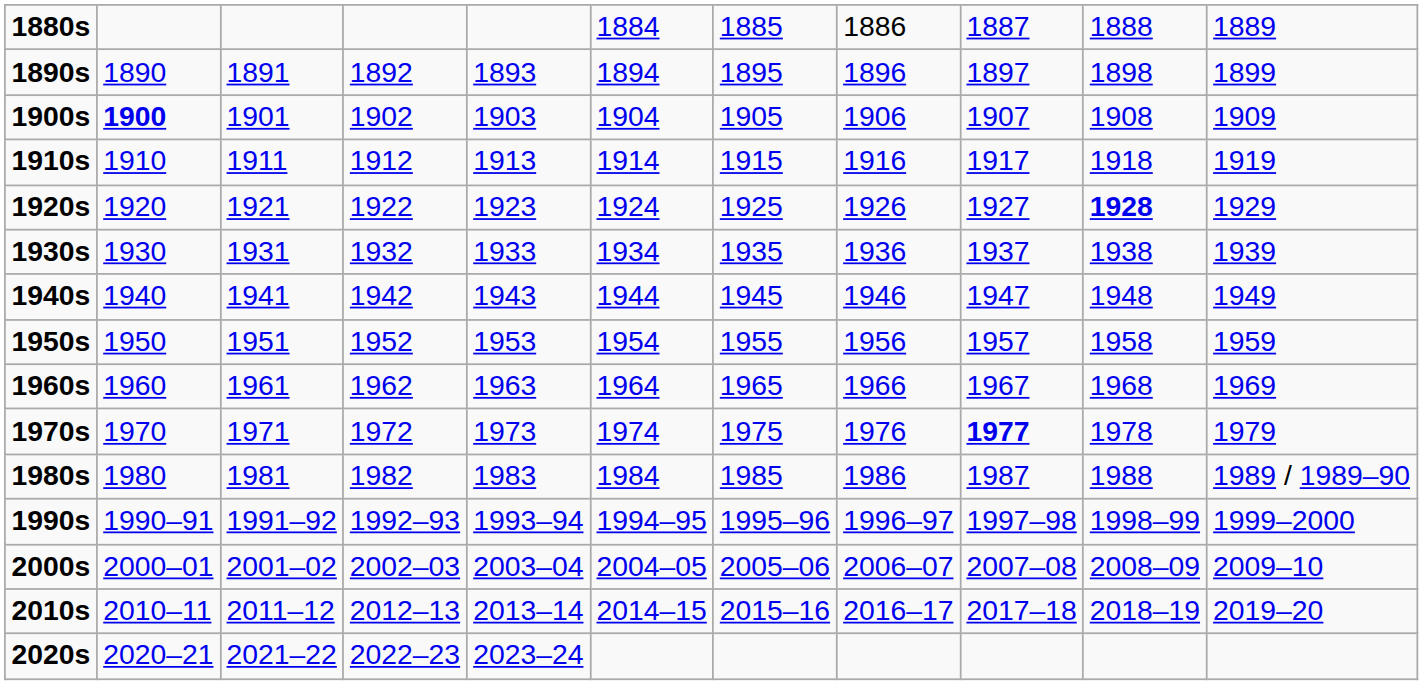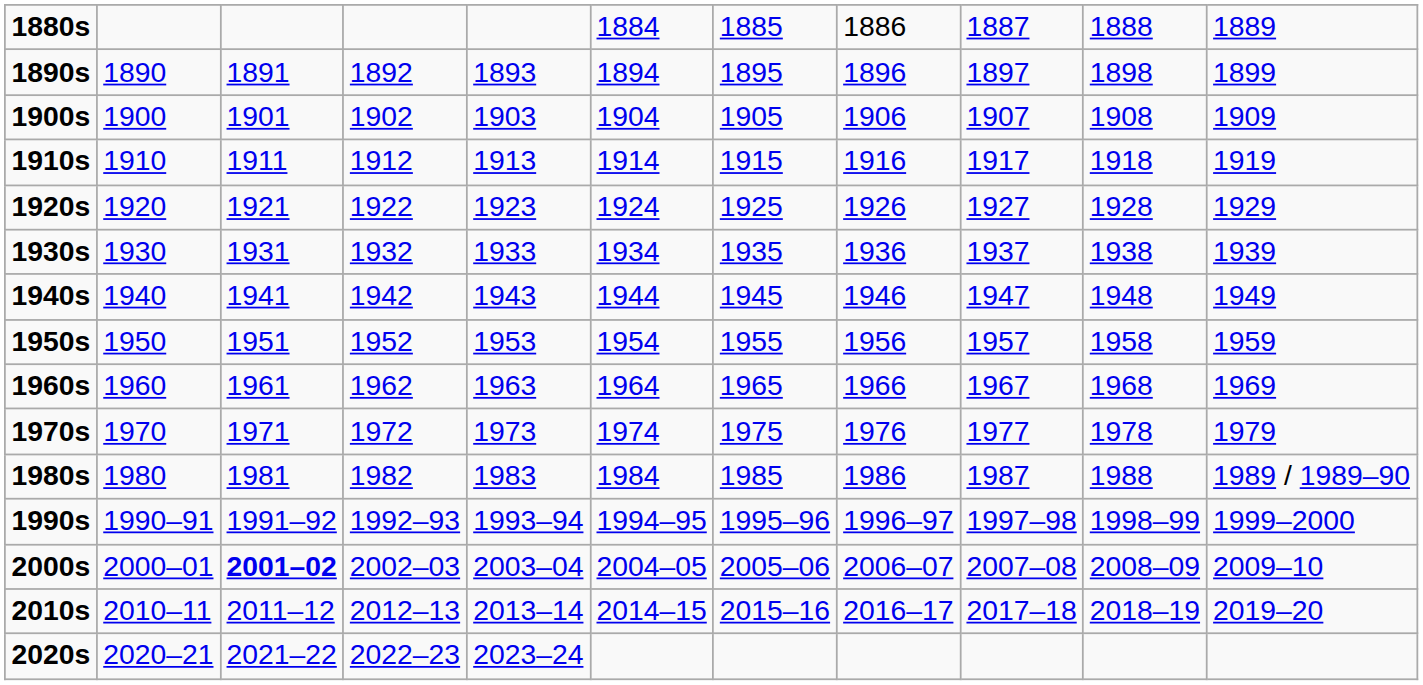 <table class="wikitable">
 <tr>
 <td><strong>1880s</strong></td>
 <td></td>
 <td></td>
 <td></td>
 <td></td>
 <td><a href='#'>1884</a></td>
 <td><a href='#'>1885</a></td>
 <td>1886</td>
 <td><a href='#'>1887</a></td>
 <td><a href='#'>1888</a></td>
 <td><a href='#'>1889</a></td>
 </tr>
 <tr>
 <td><strong>1890s</strong></td>
 <td><a href='#'>1890</a></td>
 <td><a href='#'>1891</a></td>
 <td><a href='#'>1892</a></td>
 <td><a href='#'>1893</a></td>
 <td><a href='#'>1894</a></td>
 <td><a href='#'>1895</a></td>
 <td><a href='#'>1896</a></td>
 <td><a href='#'>1897</a></td>
 <td><a href='#'>1898</a></td>
 <td><a href='#'>1899</a></td>
 </tr>
 <tr>
 <td><strong>1900s</strong></td>
-<td><strong><a href='#'>1900</a></strong></td>
+<td><a href='#'>1900</a></td>
 <td><a href='#'>1901</a></td>
 <td><a href='#'>1902</a></td>
 <td><a href='#'>1903</a></td>
 <td><a href='#'>1904</a></td>
 <td><a href='#'>1905</a></td>
 <td><a href='#'>1906</a></td>
 <td><a href='#'>1907</a></td>
 <td><a href='#'>1908</a></td>
 <td><a href='#'>1909</a></td>
 </tr>
 <tr>
 <td><strong>1910s</strong></td>
 <td><a href='#'>1910</a></td>
 <td><a href='#'>1911</a></td>
 <td><a href='#'>1912</a></td>
 <td><a href='#'>1913</a></td>
 <td><a href='#'>1914</a></td>
 <td><a href='#'>1915</a></td>
 <td><a href='#'>1916</a></td>
 <td><a href='#'>1917</a></td>
 <td><a href='#'>1918</a></td>
 <td><a href='#'>1919</a></td>
 </tr>
 <tr>
 <td><strong>1920s</strong></td>
 <td><a href='#'>1920</a></td>
 <td><a href='#'>1921</a></td>
 <td><a href='#'>1922</a></td>
 <td><a href='#'>1923</a></td>
 <td><a href='#'>1924</a></td>
 <td><a href='#'>1925</a></td>
 <td><a href='#'>1926</a></td>
 <td><a href='#'>1927</a></td>
-<td><strong><a href='#'>1928</a></strong></td>
+<td><a href='#'>1928</a></td>
 <td><a href='#'>1929</a></td>
 </tr>
 <tr>
 <td><strong>1930s</strong></td>
 <td><a href='#'>1930</a></td>
 <td><a href='#'>1931</a></td>
 <td><a href='#'>1932</a></td>
 <td><a href='#'>1933</a></td>
 <td><a href='#'>1934</a></td>
 <td><a href='#'>1935</a></td>
 <td><a href='#'>1936</a></td>
 <td><a href='#'>1937</a></td>
 <td><a href='#'>1938</a></td>
 <td><a href='#'>1939</a></td>
 </tr>
 <tr>
 <td><strong>1940s</strong></td>
 <td><a href='#'>1940</a></td>
 <td><a href='#'>1941</a></td>
 <td><a href='#'>1942</a></td>
 <td><a href='#'>1943</a></td>
 <td><a href='#'>1944</a></td>
 <td><a href='#'>1945</a></td>
 <td><a href='#'>1946</a></td>
 <td><a href='#'>1947</a></td>
 <td><a href='#'>1948</a></td>
 <td><a href='#'>1949</a></td>
 </tr>
 <tr>
 <td><strong>1950s</strong></td>
 <td><a href='#'>1950</a></td>
 <td><a href='#'>1951</a></td>
 <td><a href='#'>1952</a></td>
 <td><a href='#'>1953</a></td>
 <td><a href='#'>1954</a></td>
 <td><a href='#'>1955</a></td>
 <td><a href='#'>1956</a></td>
 <td><a href='#'>1957</a></td>
 <td><a href='#'>1958</a></td>
 <td><a href='#'>1959</a></td>
 </tr>
 <tr>
 <td><strong>1960s</strong></td>
 <td><a href='#'>1960</a></td>
 <td><a href='#'>1961</a></td>
 <td><a href='#'>1962</a></td>
 <td><a href='#'>1963</a></td>
 <td><a href='#'>1964</a></td>
 <td><a href='#'>1965</a></td>
 <td><a href='#'>1966</a></td>
 <td><a href='#'>1967</a></td>
 <td><a href='#'>1968</a></td>
 <td><a href='#'>1969</a></td>
 </tr>
 <tr>
 <td><strong>1970s</strong></td>
 <td><a href='#'>1970</a></td>
 <td><a href='#'>1971</a></td>
 <td><a href='#'>1972</a></td>
 <td><a href='#'>1973</a></td>
 <td><a href='#'>1974</a></td>
 <td><a href='#'>1975</a></td>
 <td><a href='#'>1976</a></td>
-<td><strong><a href='#'>1977</a></strong></td>
+<td><a href='#'>1977</a></td>
 <td><a href='#'>1978</a></td>
 <td><a href='#'>1979</a></td>
 </tr>
 <tr>
 <td><strong>1980s</strong></td>
 <td><a href='#'>1980</a></td>
 <td><a href='#'>1981</a></td>
 <td><a href='#'>1982</a></td>
 <td><a href='#'>1983</a></td>
 <td><a href='#'>1984</a></td>
 <td><a href='#'>1985</a></td>
 <td><a href='#'>1986</a></td>
 <td><a href='#'>1987</a></td>
 <td><a href='#'>1988</a></td>
 <td><a href='#'>1989</a> / <a href='#'>1989–90</a></td>
 </tr>
 <tr>
 <td><strong>1990s</strong></td>
 <td><a href='#'>1990–91</a></td>
 <td><a href='#'>1991–92</a></td>
 <td><a href='#'>1992–93</a></td>
 <td><a href='#'>1993–94</a></td>
 <td><a href='#'>1994–95</a></td>
 <td><a href='#'>1995–96</a></td>
 <td><a href='#'>1996–97</a></td>
 <td><a href='#'>1997–98</a></td>
 <td><a href='#'>1998–99</a></td>
 <td><a href='#'>1999–2000</a></td>
 </tr>
 <tr>
 <td><strong>2000s</strong></td>
 <td><a href='#'>2000–01</a></td>
-<td><a href='#'>2001–02</a></td>
+<td><strong><a href='#'>2001–02</a></strong></td>
 <td><a href='#'>2002–03</a></td>
 <td><a href='#'>2003–04</a></td>
 <td><a href='#'>2004–05</a></td>
 <td><a href='#'>2005–06</a></td>
 <td><a href='#'>2006–07</a></td>
 <td><a href='#'>2007–08</a></td>
 <td><a href='#'>2008–09</a></td>
 <td><a href='#'>2009–10</a></td>
 </tr>
 <tr>
 <td><strong>2010s</strong></td>
 <td><a href='#'>2010–11</a></td>
 <td><a href='#'>2011–12</a></td>
 <td><a href='#'>2012–13</a></td>
 <td><a href='#'>2013–14</a></td>
 <td><a href='#'>2014–15</a></td>
 <td><a href='#'>2015–16</a></td>
 <td><a href='#'>2016–17</a></td>
 <td><a href='#'>2017–18</a></td>
 <td><a href='#'>2018–19</a></td>
 <td><a href='#'>2019–20</a></td>
 </tr>
 <tr>
 <td><strong>2020s</strong></td>
 <td><a href='#'>2020–21</a></td>
 <td><a href='#'>2021–22</a></td>
 <td><a href='#'>2022–23</a></td>
 <td><a href='#'>2023–24</a></td>
 <td></td>
 <td></td>
 <td></td>
 <td></td>
 <td></td>
 <td></td>
 </tr>
 </table>
